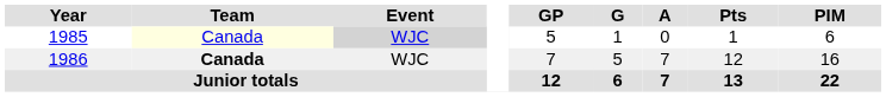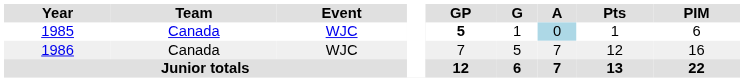 <table border="0" cellpadding="1" cellspacing="0" style="text-align:center; width:50em">
 <tr ALIGN="center" bgcolor="#e0e0e0">
 <th>Year</th>
 <th>Team</th>
 <th>Event</th>
 <th rowspan="99" bgcolor="#ffffff"> </th>
 <th>GP</th>
 <th>G</th>
 <th>A</th>
 <th>Pts</th>
 <th>PIM</th>
 </tr>
 <tr>
 <td><a href='#'>1985</a></td>
-<td style="background: lightyellow;"><a href='#'>Canada</a></td>
-<td style="background: lightgrey;"><a href='#'>WJC</a></td>
-<td>5</td>
+<td><a href='#'>Canada</a></td>
+<td><a href='#'>WJC</a></td>
+<td><strong>5</strong></td>
 <td>1</td>
-<td>0</td>
+<td style="background: lightblue;">0</td>
 <td>1</td>
 <td>6</td>
 </tr>
 <tr bgcolor="#f0f0f0">
 <td><a href='#'>1986</a></td>
-<td><strong>Canada</strong></td>
+<td>Canada</td>
 <td>WJC</td>
 <td>7</td>
 <td>5</td>
 <td>7</td>
 <td>12</td>
 <td>16</td>
 </tr>
 <tr bgcolor="#e0e0e0">
 <th colspan=3>Junior totals</th>
 <th>12</th>
 <th>6</th>
 <th>7</th>
 <th>13</th>
 <th>22</th>
 </tr>
 </table>
